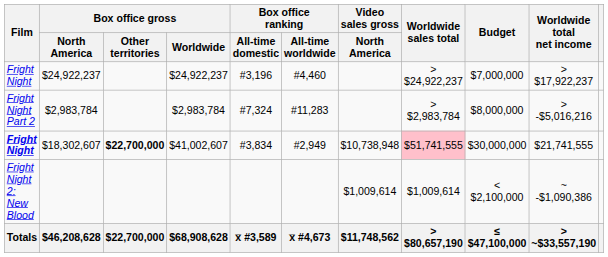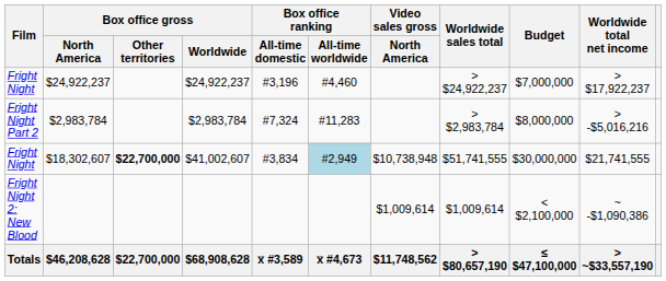 <table class="wikitable" width=99% border="1" style="text-align: center;">
 <tr>
 <th rowspan="2" style="width:20%;">Film</th>
 <th colspan="3">Box office gross</th>
 <th colspan="2">Box office  <br>ranking</th>
 <th>Video <br>sales gross</th>
 <th rowspan="2">Worldwide <br>sales total</th>
 <th rowspan="2">Budget</th>
 <th rowspan="2">Worldwide total <br>net income</th>
 <th rowspan="2"></th>
 </tr>
 <tr>
 <th>North America</th>
 <th>Other territories</th>
 <th>Worldwide</th>
 <th>All-time <br>domestic</th>
 <th>All-time <br>worldwide</th>
 <th>North America</th>
 </tr>
 <tr>
 <td style="text-align: left;"><em><a href='#'>Fright Night</a></em> </td>
 <td>$24,922,237</td>
 <td></td>
 <td>$24,922,237</td>
 <td>#3,196</td>
 <td>#4,460</td>
 <td></td>
 <td>> $24,922,237</td>
 <td>$7,000,000</td>
 <td>> $17,922,237</td>
 <td></td>
 </tr>
 <tr>
 <td style="text-align: left;"><em><a href='#'>Fright Night Part 2</a></em></td>
 <td>$2,983,784</td>
 <td></td>
 <td>$2,983,784</td>
 <td>#7,324</td>
 <td>#11,283</td>
 <td></td>
 <td>> $2,983,784</td>
 <td>$8,000,000</td>
 <td>> -$5,016,216</td>
 <td></td>
 </tr>
 <tr>
-<td style="text-align: left;"><strong><em><a href='#'>Fright Night</a></em> </strong></td>
+<td style="text-align: left;"><em><a href='#'>Fright Night</a></em> </td>
 <td>$18,302,607</td>
 <td><strong>$22,700,000</strong></td>
 <td>$41,002,607</td>
 <td>#3,834</td>
-<td>#2,949</td>
+<td style="background: lightblue;">#2,949</td>
 <td>$10,738,948</td>
-<td style="background: pink;">$51,741,555</td>
+<td>$51,741,555</td>
 <td>$30,000,000</td>
 <td>$21,741,555</td>
 <td></td>
 </tr>
 <tr>
 <td style="text-align: left;"><em><a href='#'>Fright Night 2: New Blood</a></em></td>
 <td></td>
 <td></td>
 <td></td>
 <td></td>
 <td></td>
 <td>$1,009,614</td>
 <td>$1,009,614</td>
 <td>< $2,100,000</td>
 <td>~ -$1,090,386</td>
 <td></td>
 </tr>
 <tr>
 <th>Totals</th>
 <th>$46,208,628</th>
 <th>$22,700,000</th>
 <th>$68,908,628</th>
 <th>x̅ #3,589</th>
 <th>x̅ #4,673</th>
 <th>$11,748,562</th>
 <th>> $80,657,190</th>
 <th>≤ $47,100,000</th>
 <th>> ~$33,557,190</th>
 <th></th>
 </tr>
 </table>
